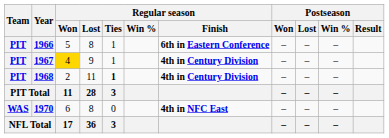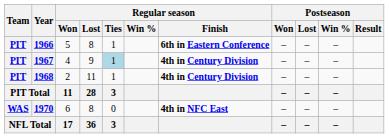 <table class="wikitable" style="font-size: 95%; text-align:center;">
 <tr>
 <th rowspan="2">Team</th>
 <th rowspan="2">Year</th>
 <th colspan="5">Regular season</th>
 <th colspan="4">Postseason</th>
 </tr>
 <tr>
 <th>Won</th>
 <th>Lost</th>
 <th>Ties</th>
 <th>Win %</th>
 <th>Finish</th>
 <th>Won</th>
 <th>Lost</th>
 <th>Win %</th>
 <th>Result</th>
 </tr>
 <tr>
 <th><a href='#'>PIT</a></th>
 <th><a href='#'>1966</a></th>
 <td>5</td>
 <td>8</td>
 <td>1</td>
 <td></td>
 <td align=left><strong>6th in <a href='#'>Eastern Conference</a></strong></td>
 <td>–</td>
 <td>–</td>
 <td>–</td>
 <td></td>
 </tr>
 <tr>
 <th><a href='#'>PIT</a></th>
 <th><a href='#'>1967</a></th>
-<td style="background: gold;">4</td>
+<td>4</td>
 <td>9</td>
-<td>1</td>
+<td style="background: lightblue;">1</td>
 <td></td>
 <td align=left><strong>4th in <a href='#'>Century Division</a></strong></td>
 <td>–</td>
 <td>–</td>
 <td>–</td>
 <td></td>
 </tr>
 <tr>
 <th><a href='#'>PIT</a></th>
 <th><a href='#'>1968</a></th>
 <td>2</td>
 <td>11</td>
-<td><strong>1</strong></td>
+<td>1</td>
 <td></td>
 <td align=left><strong>4th in <a href='#'>Century Division</a></strong></td>
 <td>–</td>
 <td>–</td>
 <td>–</td>
 <td></td>
 </tr>
 <tr>
 <th colspan="2">PIT Total</th>
 <th>11</th>
 <th>28</th>
 <th>3</th>
 <th></th>
 <th></th>
 <th>–</th>
 <th>–</th>
 <th>–</th>
 <th></th>
 </tr>
 <tr>
 <th><a href='#'>WAS</a></th>
 <th><a href='#'>1970</a></th>
 <td>6</td>
 <td>8</td>
 <td>0</td>
 <td></td>
 <td align=left><strong>4th in <a href='#'>NFC East</a></strong></td>
 <td>–</td>
 <td>–</td>
 <td>–</td>
 <td></td>
 </tr>
 <tr>
 <th colspan="2">NFL Total</th>
 <th>17</th>
 <th>36</th>
 <th>3</th>
 <th></th>
 <th></th>
 <th>–</th>
 <th>–</th>
 <th>–</th>
 <th></th>
 </tr>
 </table>
